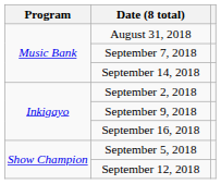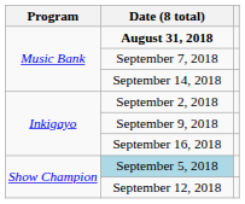 <table class="wikitable" style="text-align:center">
 <tr>
 <th>Program</th>
 <th width="150">Date (8 total)</th>
 <th class="unsortable"></th>
 </tr>
 <tr>
 <td rowspan="3"><em><a href='#'>Music Bank</a></em></td>
-<td>August 31, 2018</td>
+<td><strong>August 31, 2018</strong></td>
 <td></td>
 </tr>
 <tr>
 <td>September 7, 2018</td>
 <td></td>
 </tr>
 <tr>
 <td>September 14, 2018</td>
 <td></td>
 </tr>
 <tr>
 <td rowspan="3"><em><a href='#'>Inkigayo</a></em></td>
 <td>September 2, 2018</td>
 <td></td>
 </tr>
 <tr>
 <td>September 9, 2018</td>
 <td></td>
 </tr>
 <tr>
 <td>September 16, 2018</td>
 <td></td>
 </tr>
 <tr>
 <td rowspan="2"><em><a href='#'>Show Champion</a></em></td>
-<td>September 5, 2018</td>
+<td style="background: lightblue;">September 5, 2018</td>
 <td></td>
 </tr>
 <tr>
 <td>September 12, 2018</td>
 <td></td>
 </tr>
 </table>
